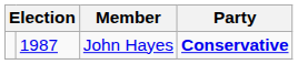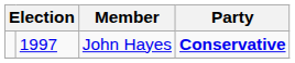 <table class="wikitable">
 <tr>
 <th colspan="2">Election</th>
 <th>Member</th>
 <th>Party</th>
 </tr>
 <tr>
 <td style="color:inherit;background-color: "></td>
-<td><a href='#'>1987</a></td>
+<td><a href='#'>1997</a></td>
 <td><a href='#'>John Hayes</a></td>
 <td><strong><a href='#'>Conservative</a></strong></td>
 </tr>
 <tr>
 </tr>
 </table>
